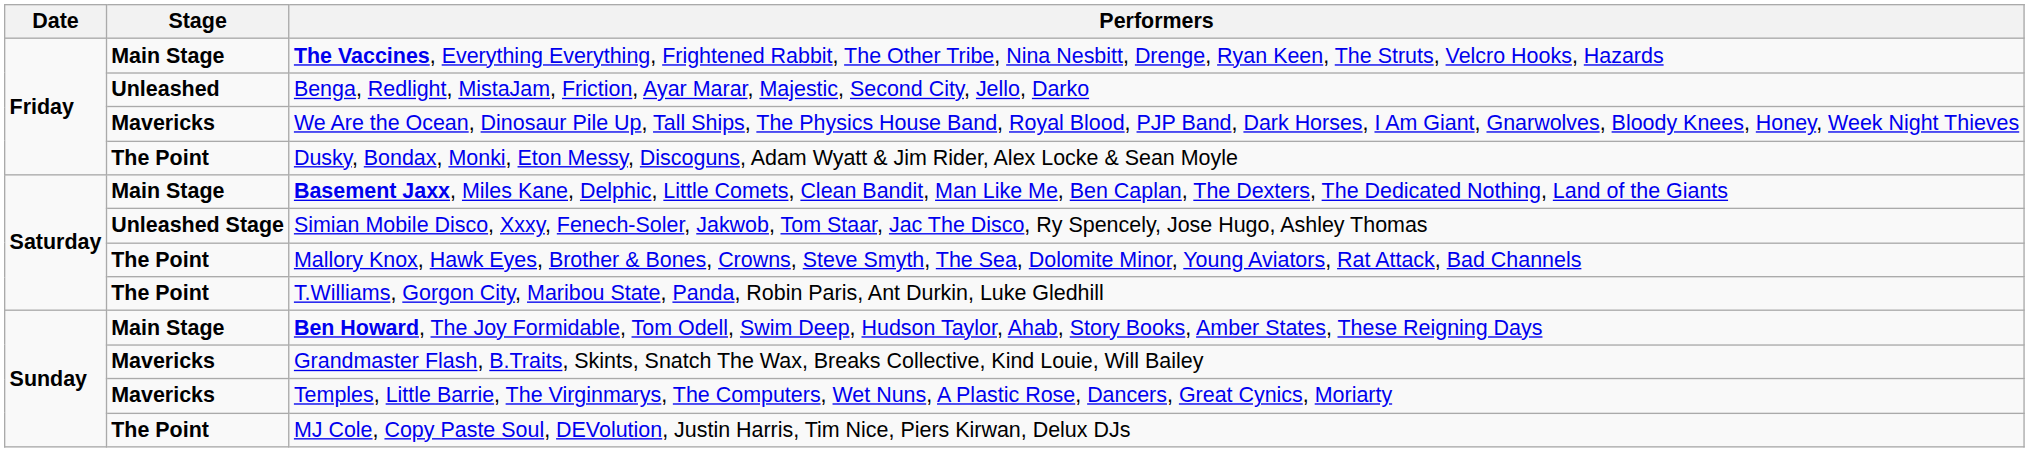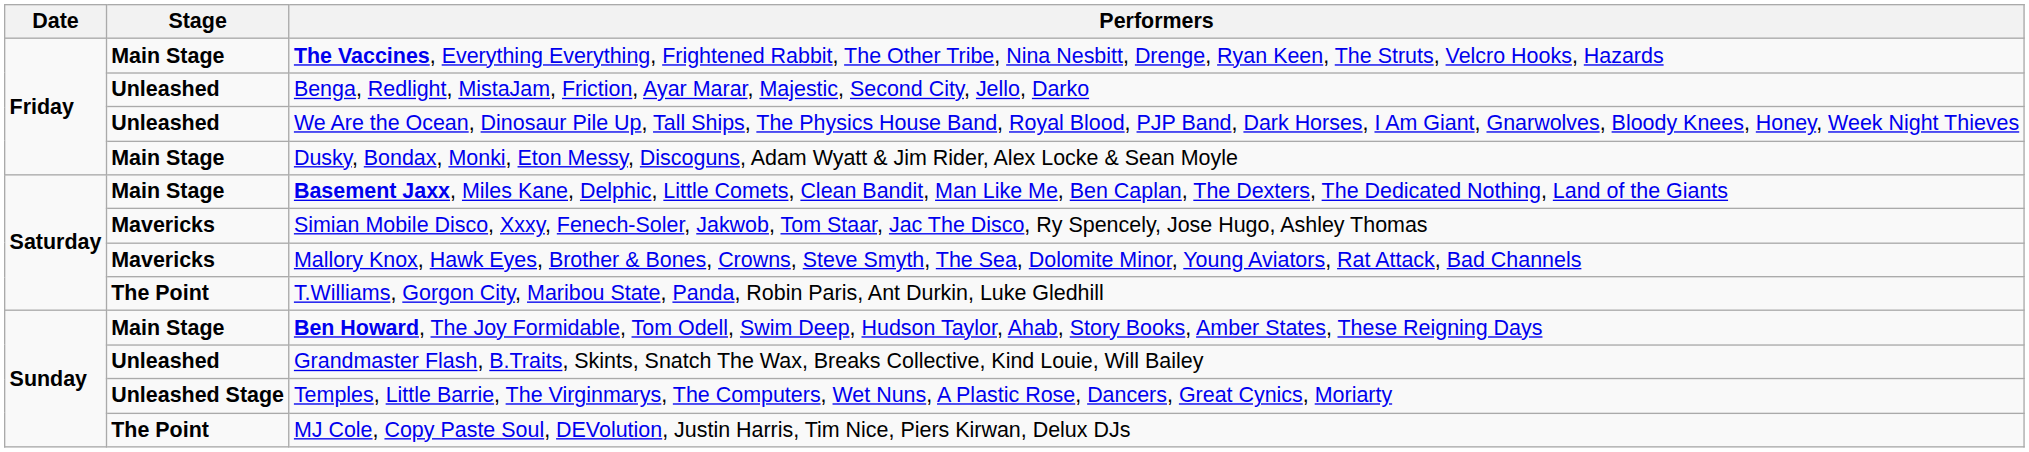 <table class="wikitable">
 <tr>
 <th><strong>Date</strong></th>
 <th><strong>Stage</strong></th>
 <th><strong>Performers</strong></th>
 </tr>
 <tr>
 <td rowspan="4"><strong>Friday</strong></td>
 <td><strong>Main Stage</strong></td>
 <td><strong><a href='#'>The Vaccines</a></strong>, <a href='#'>Everything Everything</a>, <a href='#'>Frightened Rabbit</a>, <a href='#'>The Other Tribe</a>, <a href='#'>Nina Nesbitt</a>, <a href='#'>Drenge</a>, <a href='#'>Ryan Keen</a>, <a href='#'>The Struts</a>, <a href='#'>Velcro Hooks</a>, <a href='#'>Hazards</a></td>
 </tr>
 <tr>
 <td><strong>Unleashed</strong></td>
 <td><a href='#'>Benga</a>, <a href='#'>Redlight</a>, <a href='#'>MistaJam</a>, <a href='#'>Friction</a>, <a href='#'>Ayar Marar</a>, <a href='#'>Majestic</a>, <a href='#'>Second City</a>, <a href='#'>Jello</a>, <a href='#'>Darko</a></td>
 </tr>
 <tr>
-<td><strong>Mavericks</strong></td>
+<td><strong>Unleashed</strong></td>
 <td><a href='#'>We Are the Ocean</a>, <a href='#'>Dinosaur Pile Up</a>, <a href='#'>Tall Ships</a>, <a href='#'>The Physics House Band</a>, <a href='#'>Royal Blood</a>, <a href='#'>PJP Band</a>, <a href='#'>Dark Horses</a>, <a href='#'>I Am Giant</a>, <a href='#'>Gnarwolves</a>, <a href='#'>Bloody Knees</a>, <a href='#'>Honey</a>, <a href='#'>Week Night Thieves</a></td>
 </tr>
 <tr>
-<td><strong>The Point</strong></td>
+<td><strong>Main Stage</strong></td>
 <td><a href='#'>Dusky</a>, <a href='#'>Bondax</a>, <a href='#'>Monki</a>, <a href='#'>Eton Messy</a>, <a href='#'>Discoguns</a>, Adam Wyatt & Jim Rider, Alex Locke & Sean Moyle</td>
 </tr>
 <tr>
 <td rowspan="4"><strong>Saturday</strong></td>
 <td><strong>Main Stage</strong></td>
 <td><strong><a href='#'>Basement Jaxx</a></strong>, <a href='#'>Miles Kane</a>, <a href='#'>Delphic</a>, <a href='#'>Little Comets</a>, <a href='#'>Clean Bandit</a>, <a href='#'>Man Like Me</a>, <a href='#'>Ben Caplan</a>, <a href='#'>The Dexters</a>, <a href='#'>The Dedicated Nothing</a>, <a href='#'>Land of the Giants</a></td>
 </tr>
 <tr>
-<td><strong>Unleashed Stage</strong></td>
+<td><strong>Mavericks</strong></td>
 <td><a href='#'>Simian Mobile Disco</a>, <a href='#'>Xxxy</a>, <a href='#'>Fenech-Soler</a>, <a href='#'>Jakwob</a>, <a href='#'>Tom Staar</a>, <a href='#'>Jac The Disco</a>, Ry Spencely, Jose Hugo, Ashley Thomas</td>
 </tr>
 <tr>
-<td><strong>The Point</strong></td>
+<td><strong>Mavericks</strong></td>
 <td><a href='#'>Mallory Knox</a>, <a href='#'>Hawk Eyes</a>, <a href='#'>Brother & Bones</a>, <a href='#'>Crowns</a>, <a href='#'>Steve Smyth</a>, <a href='#'>The Sea</a>, <a href='#'>Dolomite Minor</a>, <a href='#'>Young Aviators</a>, <a href='#'>Rat Attack</a>, <a href='#'>Bad Channels</a></td>
 </tr>
 <tr>
 <td><strong>The Point</strong></td>
 <td><a href='#'>T.Williams</a>, <a href='#'>Gorgon City</a>, <a href='#'>Maribou State</a>, <a href='#'>Panda</a>, Robin Paris, Ant Durkin, Luke Gledhill</td>
 </tr>
 <tr>
 <td rowspan="4"><strong>Sunday</strong></td>
 <td><strong>Main Stage</strong></td>
 <td><strong><a href='#'>Ben Howard</a></strong>, <a href='#'>The Joy Formidable</a>, <a href='#'>Tom Odell</a>, <a href='#'>Swim Deep</a>, <a href='#'>Hudson Taylor</a>, <a href='#'>Ahab</a>, <a href='#'>Story Books</a>, <a href='#'>Amber States</a>, <a href='#'>These Reigning Days</a></td>
 </tr>
 <tr>
-<td><strong>Mavericks</strong></td>
+<td><strong>Unleashed</strong></td>
 <td><a href='#'>Grandmaster Flash</a>, <a href='#'>B.Traits</a>, Skints, Snatch The Wax, Breaks Collective, Kind Louie, Will Bailey</td>
 </tr>
 <tr>
-<td><strong>Mavericks</strong></td>
+<td><strong>Unleashed Stage</strong></td>
 <td><a href='#'>Temples</a>, <a href='#'>Little Barrie</a>, <a href='#'>The Virginmarys</a>, <a href='#'>The Computers</a>, <a href='#'>Wet Nuns</a>, <a href='#'>A Plastic Rose</a>, <a href='#'>Dancers</a>, <a href='#'>Great Cynics</a>, <a href='#'>Moriarty</a></td>
 </tr>
 <tr>
 <td><strong>The Point</strong></td>
 <td><a href='#'>MJ Cole</a>, <a href='#'>Copy Paste Soul</a>, <a href='#'>DEVolution</a>, Justin Harris, Tim Nice, Piers Kirwan, Delux DJs</td>
 </tr>
 </table>
